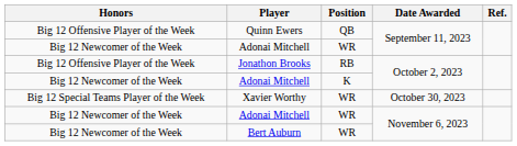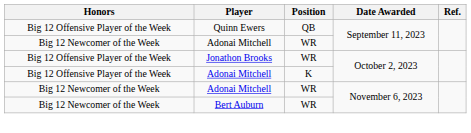 <table class="wikitable" style="width: 60%;text-align: center;">
 <tr>
 <th>Honors</th>
 <th>Player</th>
 <th>Position</th>
 <th>Date Awarded</th>
 <th>Ref.</th>
 </tr>
 <tr align="center">
 <td rowspan="1">Big 12 Offensive Player of the Week</td>
 <td>Quinn Ewers</td>
 <td>QB</td>
 <td rowspan="2">September 11, 2023</td>
 <td rowspan="2"></td>
 </tr>
 <tr align="center">
 <td rowspan="1">Big 12 Newcomer of the Week</td>
 <td>Adonai Mitchell</td>
 <td>WR</td>
 </tr>
 <tr align="center">
 <td rowspan="1">Big 12 Offensive Player of the Week</td>
 <td><a href='#'>Jonathon Brooks</a></td>
-<td>RB</td>
+<td>WR</td>
 <td rowspan="2">October 2, 2023</td>
 <td rowspan="2"></td>
 </tr>
 <tr align="center">
-<td rowspan="1">Big 12 Newcomer of the Week</td>
+<td rowspan="1">Big 12 Offensive Player of the Week</td>
 <td><a href='#'>Adonai Mitchell</a></td>
 <td>K</td>
-</tr>
-<tr align="center">
-<td rowspan="1">Big 12 Special Teams Player of the Week</td>
-<td>Xavier Worthy</td>
-<td>WR</td>
-<td>October 30, 2023</td>
-<td></td>
 </tr>
 <tr align="center">
 <td rowspan="1">Big 12 Newcomer of the Week</td>
 <td><a href='#'>Adonai Mitchell</a></td>
 <td>WR</td>
 <td rowspan="2">November 6, 2023</td>
 <td rowspan="2"></td>
 </tr>
 <tr align="center">
 <td rowspan="1">Big 12 Newcomer of the Week</td>
 <td><a href='#'>Bert Auburn</a></td>
 <td>WR</td>
 </tr>
 </table>
